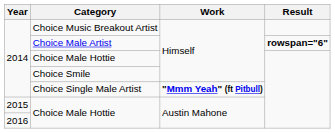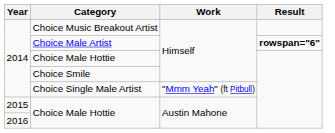 <table class="wikitable">
 <tr>
 <th>Year</th>
 <th>Category</th>
 <th>Work</th>
 <th>Result</th>
 </tr>
 <tr>
 <td rowspan="5">2014</td>
 <td>Choice Music Breakout Artist</td>
 <td rowspan="4">Himself</td>
 <td></td>
 </tr>
 <tr>
 <td><a href='#'>Choice Male Artist</a></td>
 <td><strong>rowspan="6" </strong></td>
 </tr>
 <tr>
 <td>Choice Male Hottie</td>
 </tr>
 <tr>
 <td>Choice Smile</td>
 </tr>
 <tr>
 <td>Choice Single Male Artist</td>
-<td><strong>"<a href='#'>Mmm Yeah</a>" <small> (ft <a href='#'>Pitbull</a>)</small></strong></td>
+<td>"<a href='#'>Mmm Yeah</a>" <small> (ft <a href='#'>Pitbull</a>)</small></td>
 </tr>
 <tr>
 <td>2015</td>
 <td rowspan="2">Choice Male Hottie</td>
 <td rowspan="2">Austin Mahone</td>
 </tr>
 <tr>
 <td>2016</td>
 </tr>
 </table>
